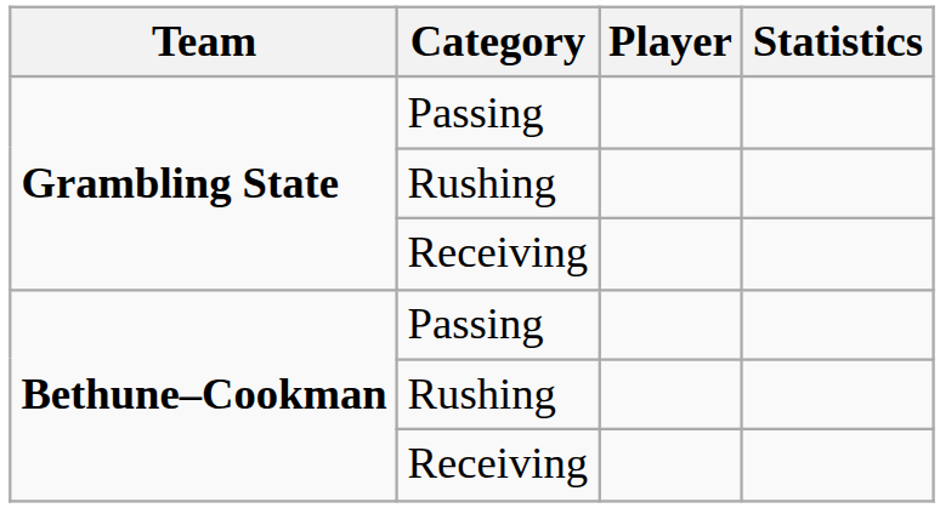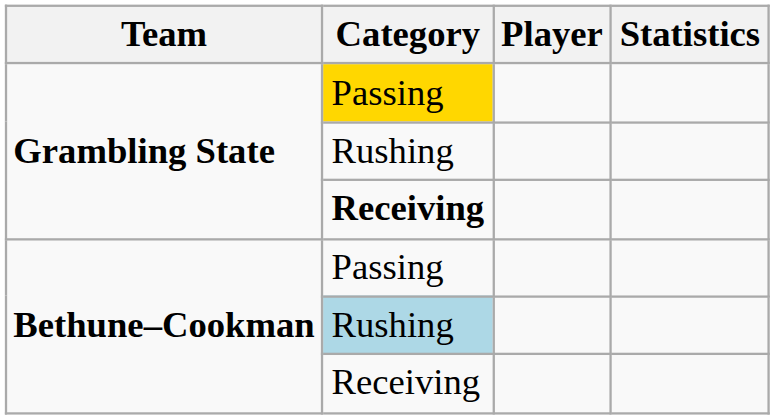 <table class="wikitable" style="float: right;">
 <tr>
 <th>Team</th>
 <th>Category</th>
 <th>Player</th>
 <th>Statistics</th>
 </tr>
 <tr>
 <td rowspan=3><strong>Grambling State</strong></td>
-<td>Passing</td>
+<td style="background: gold;">Passing</td>
 <td></td>
 <td></td>
 </tr>
 <tr>
 <td>Rushing</td>
 <td></td>
 <td></td>
 </tr>
 <tr>
-<td>Receiving</td>
+<td><strong>Receiving</strong></td>
 <td></td>
 <td></td>
 </tr>
 <tr>
 <td rowspan=3><strong>Bethune–Cookman</strong></td>
 <td>Passing</td>
 <td></td>
 <td></td>
 </tr>
 <tr>
-<td>Rushing</td>
+<td style="background: lightblue;">Rushing</td>
 <td></td>
 <td></td>
 </tr>
 <tr>
 <td>Receiving</td>
 <td></td>
 <td></td>
 </tr>
 </table>
